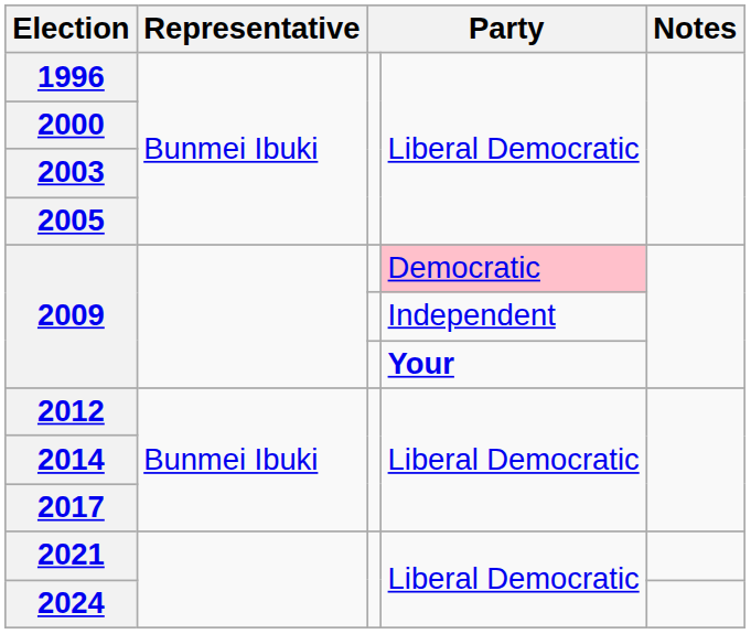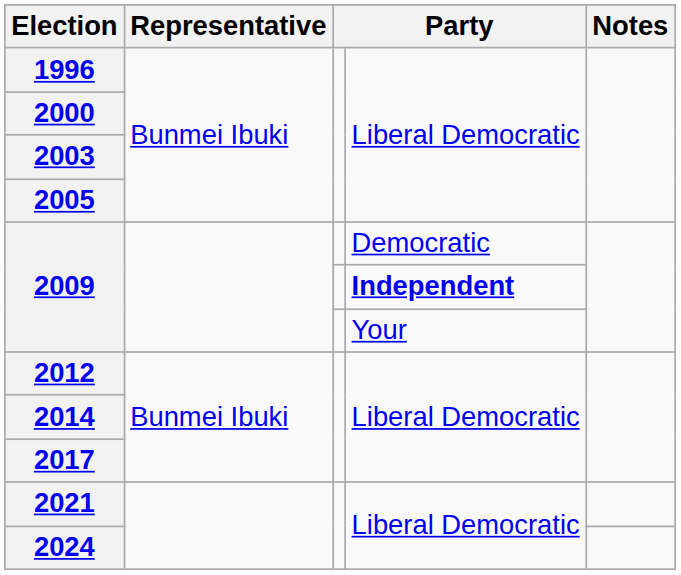 <table class=wikitable>
 <tr valign=bottom>
 <th>Election</th>
 <th>Representative</th>
 <th colspan="2">Party</th>
 <th>Notes</th>
 </tr>
 <tr>
 <th><a href='#'>1996</a></th>
 <td rowspan="4"><a href='#'>Bunmei Ibuki</a></td>
 <td rowspan="4" bgcolor=></td>
 <td rowspan="4"><a href='#'>Liberal Democratic</a></td>
 <td rowspan="4"></td>
 </tr>
 <tr>
 <th><a href='#'>2000</a></th>
 </tr>
 <tr>
 <th><a href='#'>2003</a></th>
 </tr>
 <tr>
 <th><a href='#'>2005</a></th>
 </tr>
 <tr>
 <th rowspan="3"><a href='#'>2009</a></th>
 <td rowspan="3"></td>
 <td bgcolor=></td>
-<td style="background: pink;"><a href='#'>Democratic</a></td>
+<td><a href='#'>Democratic</a></td>
 <td rowspan="3"></td>
 </tr>
 <tr>
 <td bgcolor=></td>
-<td><a href='#'>Independent</a></td>
+<td><strong><a href='#'>Independent</a></strong></td>
 </tr>
 <tr>
 <td bgcolor=></td>
-<td><strong><a href='#'>Your</a></strong></td>
+<td><a href='#'>Your</a></td>
 </tr>
 <tr>
 <th><a href='#'>2012</a></th>
 <td rowspan="3"><a href='#'>Bunmei Ibuki</a></td>
 <td rowspan="3" bgcolor=></td>
 <td rowspan="3"><a href='#'>Liberal Democratic</a></td>
 <td rowspan="3"></td>
 </tr>
 <tr>
 <th><a href='#'>2014</a></th>
 </tr>
 <tr>
 <th><a href='#'>2017</a></th>
 </tr>
 <tr>
 <th><a href='#'>2021</a></th>
 <td rowspan=2></td>
 <td rowspan=2 bgcolor=></td>
 <td rowspan=2><a href='#'>Liberal Democratic</a></td>
 <td></td>
 </tr>
 <tr>
 <th><a href='#'>2024</a></th>
 </tr>
 </table>
